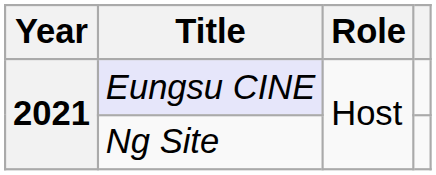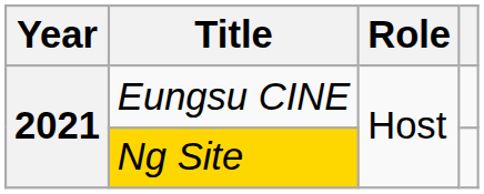 <table class="wikitable sortable plainrowheaders">
 <tr>
 <th scope="col">Year</th>
 <th scope="col">Title</th>
 <th scope="col">Role</th>
 <th scope="col" class="unsortable"></th>
 </tr>
 <tr>
 <th scope="row"  rowspan=2>2021</th>
-<td style="background: lavender;"><em>Eungsu CINE</em></td>
+<td><em>Eungsu CINE</em></td>
 <td rowspan=2>Host</td>
 <td></td>
 </tr>
 <tr>
-<td><em>Ng Site</em></td>
+<td style="background: gold;"><em>Ng Site</em></td>
 <td></td>
 </tr>
 </table>
